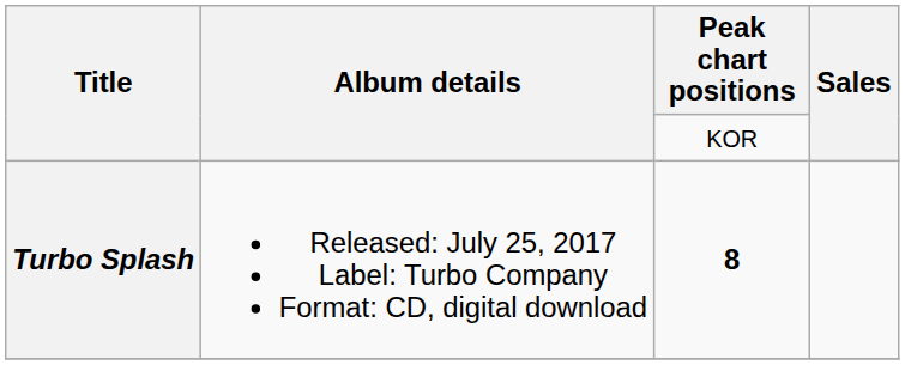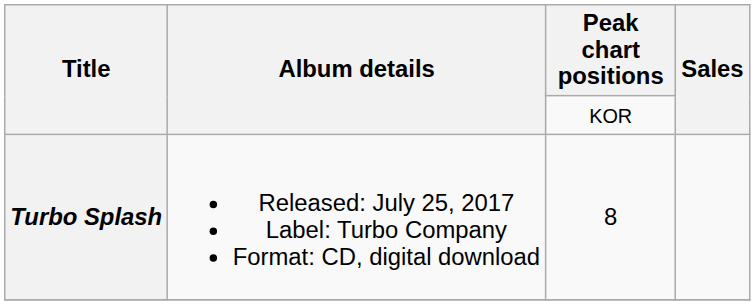 <table class="wikitable plainrowheaders" style="text-align:center;">
 <tr>
 <th rowspan="2">Title</th>
 <th rowspan="2">Album details</th>
 <th scope="col" colspan="1" style="width:5em;">Peak chart positions</th>
 <th rowspan="2">Sales</th>
 </tr>
 <tr>
 <td><small>KOR</small><br></td>
 </tr>
 <tr>
 <th scope="row"><em>Turbo Splash</em></th>
 <td><br><ul><li>Released: July 25, 2017</li><li>Label: Turbo Company</li><li>Format: CD, digital download</li></ul></td>
-<td><strong>8</strong></td>
+<td>8</td>
 <td></td>
 </tr>
 <tr>
 </tr>
 </table>
